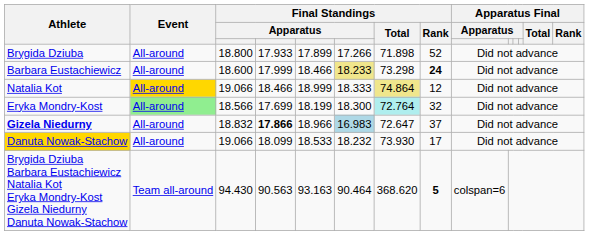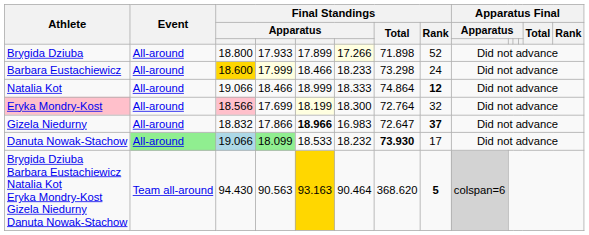 <table class="wikitable" style="font-size:90%">
 <tr>
 <th rowspan="3">Athlete</th>
 <th rowspan="3">Event</th>
 <th colspan =6>Final Standings</th>
 <th colspan =6>Apparatus Final</th>
 </tr>
 <tr style="font-size:95%">
 <th colspan=4>Apparatus</th>
 <th rowspan=2>Total</th>
 <th rowspan=2>Rank</th>
 <th colspan=4>Apparatus</th>
 <th rowspan=2>Total</th>
 <th rowspan=2>Rank</th>
 </tr>
 <tr style="font-size:95%">
 <th></th>
 <th></th>
 <th></th>
 <th></th>
 <th></th>
 <th></th>
 <th></th>
 <th></th>
 </tr>
 <tr align=center>
 <td align=left><a href='#'>Brygida Dziuba</a></td>
 <td align=left><a href='#'>All-around</a></td>
 <td>18.800</td>
 <td>17.933</td>
 <td>17.899</td>
-<td>17.266</td>
+<td style="background: lightyellow;">17.266</td>
 <td>71.898</td>
 <td>52</td>
 <td colspan=6>Did not advance</td>
 </tr>
 <tr align=center>
 <td align=left><a href='#'>Barbara Eustachiewicz</a></td>
 <td align=left><a href='#'>All-around</a></td>
-<td>18.600</td>
-<td>17.999</td>
+<td style="background: gold;">18.600</td>
+<td style="background: lightyellow;">17.999</td>
 <td>18.466</td>
-<td style="background: khaki;">18.233</td>
+<td>18.233</td>
 <td>73.298</td>
-<td><strong>24</strong></td>
+<td>24</td>
 <td colspan=6>Did not advance</td>
 </tr>
 <tr align=center>
 <td align=left><a href='#'>Natalia Kot</a></td>
-<td align=left style="background: gold;"><a href='#'>All-around</a></td>
+<td align=left><a href='#'>All-around</a></td>
 <td>19.066</td>
 <td>18.466</td>
 <td>18.999</td>
 <td>18.333</td>
-<td style="background: khaki;">74.864</td>
-<td>12</td>
+<td>74.864</td>
+<td><strong>12</strong></td>
 <td colspan=6>Did not advance</td>
 </tr>
 <tr align=center>
-<td align=left><a href='#'>Eryka Mondry-Kost</a></td>
-<td align=left style="background: lightgreen;"><a href='#'>All-around</a></td>
-<td>18.566</td>
+<td align=left style="background: pink;"><a href='#'>Eryka Mondry-Kost</a></td>
+<td align=left><a href='#'>All-around</a></td>
+<td style="background: pink;">18.566</td>
 <td>17.699</td>
-<td>18.199</td>
+<td style="background: lightyellow;">18.199</td>
 <td>18.300</td>
-<td style="background: paleturquoise;">72.764</td>
+<td>72.764</td>
 <td>32</td>
 <td colspan=6>Did not advance</td>
 </tr>
 <tr align=center>
-<td align=left><strong><a href='#'>Gizela Niedurny</a></strong></td>
+<td align=left><a href='#'>Gizela Niedurny</a></td>
 <td align=left><a href='#'>All-around</a></td>
 <td>18.832</td>
-<td><strong>17.866</strong></td>
-<td>18.966</td>
-<td style="background: lightblue;">16.983</td>
+<td>17.866</td>
+<td><strong>18.966</strong></td>
+<td>16.983</td>
 <td>72.647</td>
-<td>37</td>
+<td><strong>37</strong></td>
 <td colspan=6>Did not advance</td>
 </tr>
 <tr align=center>
-<td align=left style="background: gold;"><a href='#'>Danuta Nowak-Stachow</a></td>
-<td align=left><a href='#'>All-around</a></td>
-<td>19.066</td>
-<td>18.099</td>
+<td align=left><a href='#'>Danuta Nowak-Stachow</a></td>
+<td align=left style="background: lightgreen;"><a href='#'>All-around</a></td>
+<td style="background: lightblue;">19.066</td>
+<td style="background: lightgreen;">18.099</td>
 <td>18.533</td>
 <td>18.232</td>
-<td>73.930</td>
+<td><strong>73.930</strong></td>
 <td>17</td>
 <td colspan=6>Did not advance</td>
 </tr>
 <tr align=center>
 <td align=left><a href='#'>Brygida Dziuba</a><br><a href='#'>Barbara Eustachiewicz</a><br><a href='#'>Natalia Kot</a><br><a href='#'>Eryka Mondry-Kost</a><br><a href='#'>Gizela Niedurny</a><br><a href='#'>Danuta Nowak-Stachow</a></td>
 <td align=left><a href='#'>Team all-around</a></td>
 <td>94.430</td>
 <td>90.563</td>
-<td>93.163</td>
+<td style="background: gold;">93.163</td>
 <td>90.464</td>
 <td>368.620</td>
 <td><strong>5</strong></td>
-<td>colspan=6 </td>
+<td style="background: lightgrey;">colspan=6 </td>
 </tr>
 </table>
